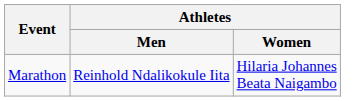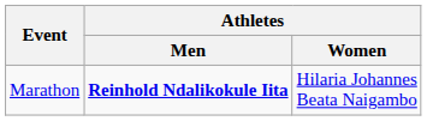 <table class=wikitable style="font-size:90%">
 <tr>
 <th rowspan=2>Event</th>
 <th colspan=2>Athletes</th>
 </tr>
 <tr>
 <th>Men</th>
 <th>Women</th>
 </tr>
 <tr>
 <td><a href='#'>Marathon</a></td>
-<td><a href='#'>Reinhold Ndalikokule Iita</a></td>
+<td><strong><a href='#'>Reinhold Ndalikokule Iita</a></strong></td>
 <td><a href='#'>Hilaria Johannes</a><br><a href='#'>Beata Naigambo</a></td>
 </tr>
 </table>
